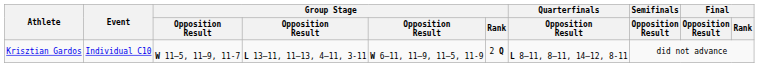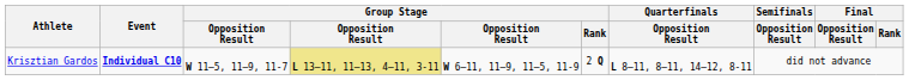 <table class=wikitable style="font-size:90%">
 <tr>
 <th rowspan="2">Athlete</th>
 <th rowspan="2">Event</th>
 <th colspan="4">Group Stage</th>
 <th>Quarterfinals</th>
 <th>Semifinals</th>
 <th colspan="2">Final</th>
 </tr>
 <tr>
 <th>Opposition<br>Result</th>
 <th>Opposition<br>Result</th>
 <th>Opposition<br>Result</th>
 <th>Rank</th>
 <th>Opposition<br>Result</th>
 <th>Opposition<br>Result</th>
 <th>Opposition<br>Result</th>
 <th>Rank</th>
 </tr>
 <tr align=center>
 <td align=left><a href='#'>Krisztian Gardos</a></td>
-<td align=left><a href='#'>Individual C10</a></td>
+<td align=left><strong><a href='#'>Individual C10</a></strong></td>
 <td><br><strong>W</strong> 11–5, 11–9, 11-7</td>
-<td><br><strong>L</strong> 13–11, 11–13, 4–11, 3-11</td>
+<td style="background: khaki;"><br><strong>L</strong> 13–11, 11–13, 4–11, 3-11</td>
 <td><br><strong>W</strong> 6–11, 11–9, 11–5, 11-9</td>
 <td>2 <strong>Q</strong></td>
 <td><br><strong>L</strong> 8–11, 8–11, 14–12, 8-11</td>
 <td colspan=3>did not advance</td>
 </tr>
 </table>
